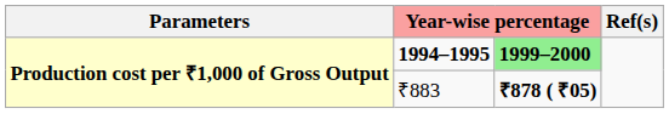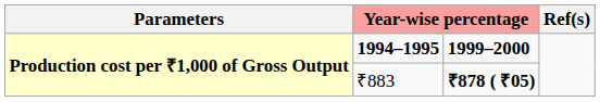 <table class="wikitable">
 <tr>
 <th>Parameters</th>
 <th colspan="2" style="background: #FAA0A0;">Year-wise percentage</th>
 <th>Ref(s)</th>
 </tr>
 <tr>
 <td rowspan="2" style="background:#FFFFCC";><strong>Production cost per ₹1,000 of Gross Output</strong></td>
 <td colspan="1"><strong>1994–1995</strong></td>
-<td colspan="1" style="background: lightgreen;"><strong>1999–2000</strong></td>
+<td colspan="1"><strong>1999–2000</strong></td>
 <td rowspan="2"></td>
 </tr>
 <tr>
 <td colspan="1">₹883</td>
 <td colspan="1"><strong>₹878 ( ₹05)</strong></td>
 </tr>
 </table>
